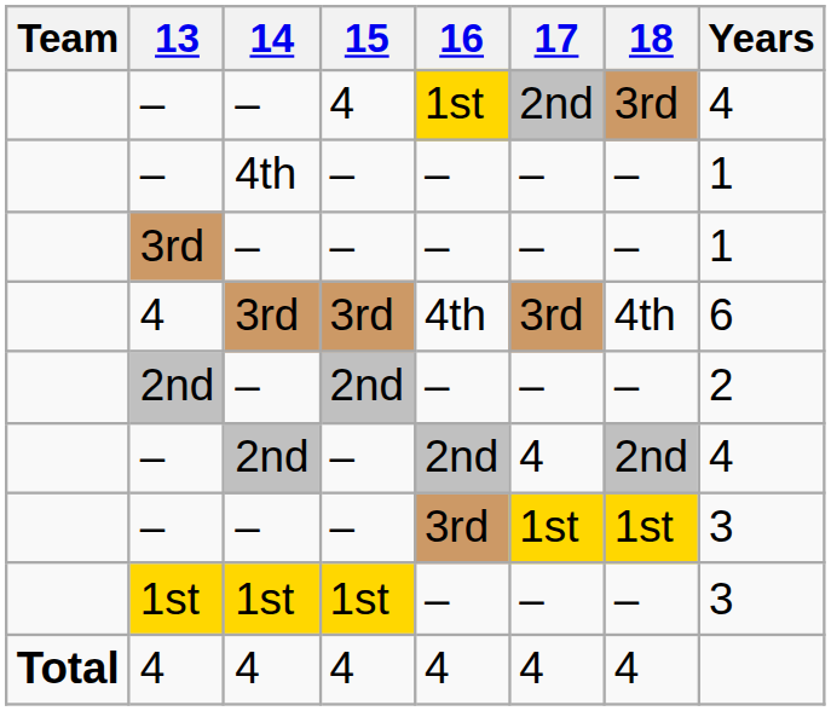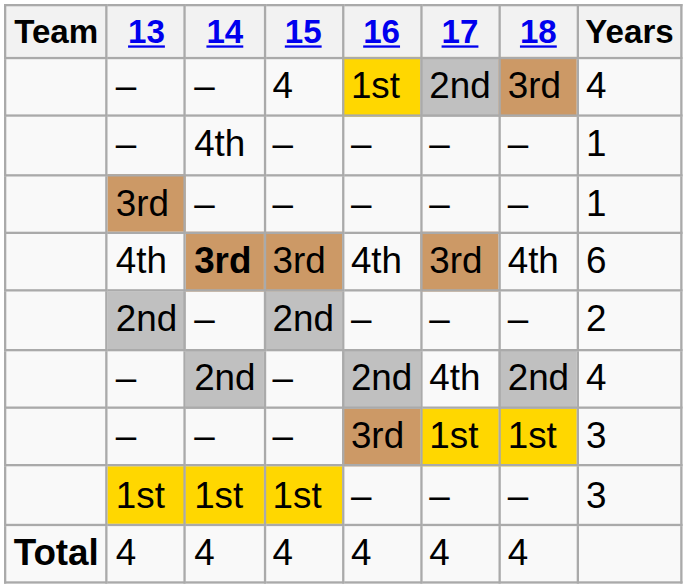 <table class="wikitable sortable">
 <tr style="font-size:90%;">
 <th>Team</th>
 <th><a href='#'>13</a></th>
 <th><a href='#'>14</a></th>
 <th><a href='#'>15</a></th>
 <th><a href='#'>16</a></th>
 <th><a href='#'>17</a></th>
 <th><a href='#'>18</a></th>
 <th>Years</th>
 </tr>
 <tr>
 <td></td>
 <td>–</td>
 <td>–</td>
 <td>4</td>
 <td bgcolor=gold>1st</td>
 <td bgcolor=silver>2nd</td>
 <td bgcolor=#cc9966>3rd</td>
 <td>4</td>
 </tr>
 <tr>
 <td></td>
 <td>–</td>
 <td>4th</td>
 <td>–</td>
 <td>–</td>
 <td>–</td>
 <td>–</td>
 <td>1</td>
 </tr>
 <tr>
 <td></td>
 <td bgcolor=#cc9966>3rd</td>
 <td>–</td>
 <td>–</td>
 <td>–</td>
 <td>–</td>
 <td>–</td>
 <td>1</td>
 </tr>
 <tr>
 <td></td>
-<td>4</td>
-<td bgcolor=#cc9966>3rd</td>
+<td>4th</td>
+<td bgcolor=#cc9966><strong>3rd</strong></td>
 <td bgcolor=#cc9966>3rd</td>
 <td>4th</td>
 <td bgcolor=#cc9966>3rd</td>
 <td>4th</td>
 <td>6</td>
 </tr>
 <tr>
 <td></td>
 <td bgcolor=silver>2nd</td>
 <td>–</td>
 <td bgcolor=silver>2nd</td>
 <td>–</td>
 <td>–</td>
 <td>–</td>
 <td>2</td>
 </tr>
 <tr>
 <td></td>
 <td>–</td>
 <td bgcolor=silver>2nd</td>
 <td>–</td>
 <td bgcolor=silver>2nd</td>
-<td>4</td>
+<td>4th</td>
 <td bgcolor=silver>2nd</td>
 <td>4</td>
 </tr>
 <tr>
 <td></td>
 <td>–</td>
 <td>–</td>
 <td>–</td>
 <td bgcolor=#cc9966>3rd</td>
 <td bgcolor=gold>1st</td>
 <td bgcolor=gold>1st</td>
 <td>3</td>
 </tr>
 <tr>
 <td></td>
 <td bgcolor=gold>1st</td>
 <td bgcolor=gold>1st</td>
 <td bgcolor=gold>1st</td>
 <td>–</td>
 <td>–</td>
 <td>–</td>
 <td>3</td>
 </tr>
 <tr>
 <td align=center><strong>Total</strong></td>
 <td>4</td>
 <td>4</td>
 <td>4</td>
 <td>4</td>
 <td>4</td>
 <td>4</td>
 <td></td>
 </tr>
 </table>
